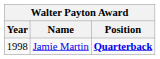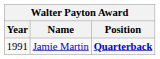 <table class="wikitable">
 <tr align="center">
 <th colspan=5>Walter Payton Award</th>
 </tr>
 <tr>
 <th>Year</th>
 <th>Name</th>
 <th>Position</th>
 </tr>
 <tr align="center" bgcolor="">
-<td>1998</td>
+<td>1991</td>
 <td><a href='#'>Jamie Martin</a></td>
 <td><strong><a href='#'>Quarterback</a></strong></td>
 </tr>
 </table>
